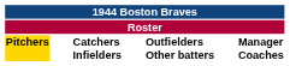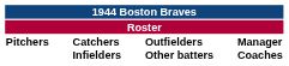 <table class="toccolours" style="font-size: 95%;">
 <tr>
 <th colspan="10" style="background-color: #0f437c; color: white; text-align: center;">1944 Boston Braves</th>
 </tr>
 <tr>
 <td colspan="10" style="background-color: #af0039; color: white; text-align: center;"><strong>Roster</strong></td>
 </tr>
 <tr>
-<td valign="top" style="background: gold;"><strong>Pitchers</strong><br>            </td>
+<td valign="top"><strong>Pitchers</strong><br>            </td>
 <td width="25px"></td>
 <td valign="top"><strong>Catchers</strong><br>    <strong>Infielders</strong>             </td>
 <td width="25px"></td>
 <td valign="top"><strong>Outfielders</strong><br>      <strong>Other batters</strong> </td>
 <td width="25px"></td>
 <td valign="top"><strong>Manager</strong><br> <strong>Coaches</strong>  </td>
 </tr>
 </table>
